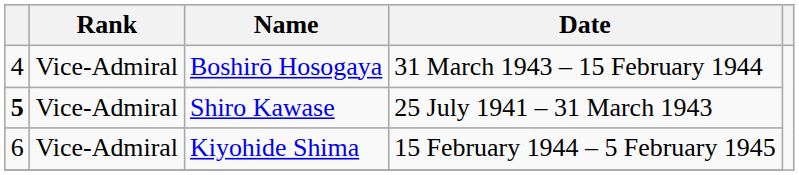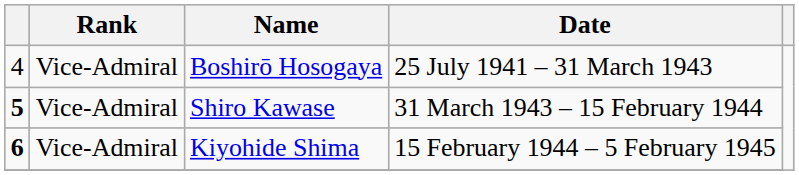 <table class=wikitable>
 <tr>
 <th></th>
 <th>Rank</th>
 <th>Name</th>
 <th>Date</th>
 <th></th>
 </tr>
 <tr>
 <td>4</td>
 <td>Vice-Admiral</td>
 <td><a href='#'>Boshirō Hosogaya</a></td>
-<td>31 March 1943 –  15 February 1944</td>
+<td>25 July 1941 –  31 March 1943</td>
 </tr>
 <tr>
 <td><strong>5</strong></td>
 <td>Vice-Admiral</td>
 <td><a href='#'>Shiro Kawase</a></td>
-<td>25 July 1941 –  31 March 1943</td>
+<td>31 March 1943 –  15 February 1944</td>
 </tr>
 <tr>
-<td>6</td>
+<td><strong>6</strong></td>
 <td>Vice-Admiral</td>
 <td><a href='#'>Kiyohide Shima</a></td>
 <td>15 February 1944 –  5 February 1945</td>
 </tr>
 <tr>
 </tr>
 </table>
